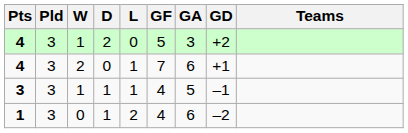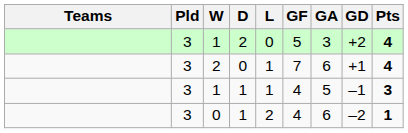 <table class="wikitable" style="text-align: center;">
 <tr>
-<th width=20>Pts</th>
+<th width=165>Teams</th>
 <th width=20>Pld</th>
 <th width=20>W</th>
 <th width=20>D</th>
 <th width=20>L</th>
 <th width=20>GF</th>
 <th width=20>GA</th>
 <th width=20>GD</th>
-<th width=165>Teams</th>
+<th width=20>Pts</th>
 </tr>
 <tr align=center style="background:#ccffcc;">
-<td><strong>4</strong></td>
+<td style="text-align:left;"></td>
 <td>3</td>
 <td>1</td>
 <td>2</td>
 <td>0</td>
 <td>5</td>
 <td>3</td>
 <td>+2</td>
-<td style="text-align:left;"></td>
+<td><strong>4</strong></td>
 </tr>
 <tr align=center>
-<td><strong>4</strong></td>
+<td style="text-align:left;"></td>
 <td>3</td>
 <td>2</td>
 <td>0</td>
 <td>1</td>
 <td>7</td>
 <td>6</td>
 <td>+1</td>
-<td style="text-align:left;"></td>
+<td><strong>4</strong></td>
 </tr>
 <tr align=center>
-<td><strong>3</strong></td>
+<td style="text-align:left;"></td>
 <td>3</td>
 <td>1</td>
 <td>1</td>
 <td>1</td>
 <td>4</td>
 <td>5</td>
 <td>–1</td>
-<td style="text-align:left;"></td>
+<td><strong>3</strong></td>
 </tr>
 <tr align=center>
-<td><strong>1</strong></td>
+<td style="text-align:left;"></td>
 <td>3</td>
 <td>0</td>
 <td>1</td>
 <td>2</td>
 <td>4</td>
 <td>6</td>
 <td>–2</td>
-<td style="text-align:left;"></td>
+<td><strong>1</strong></td>
 </tr>
 </table>
